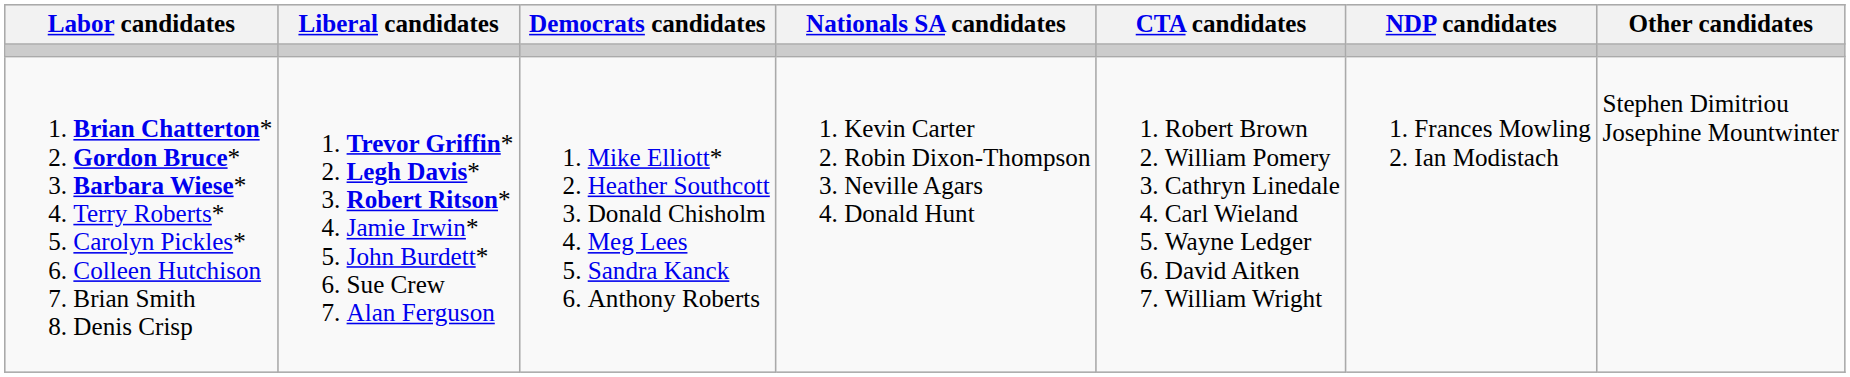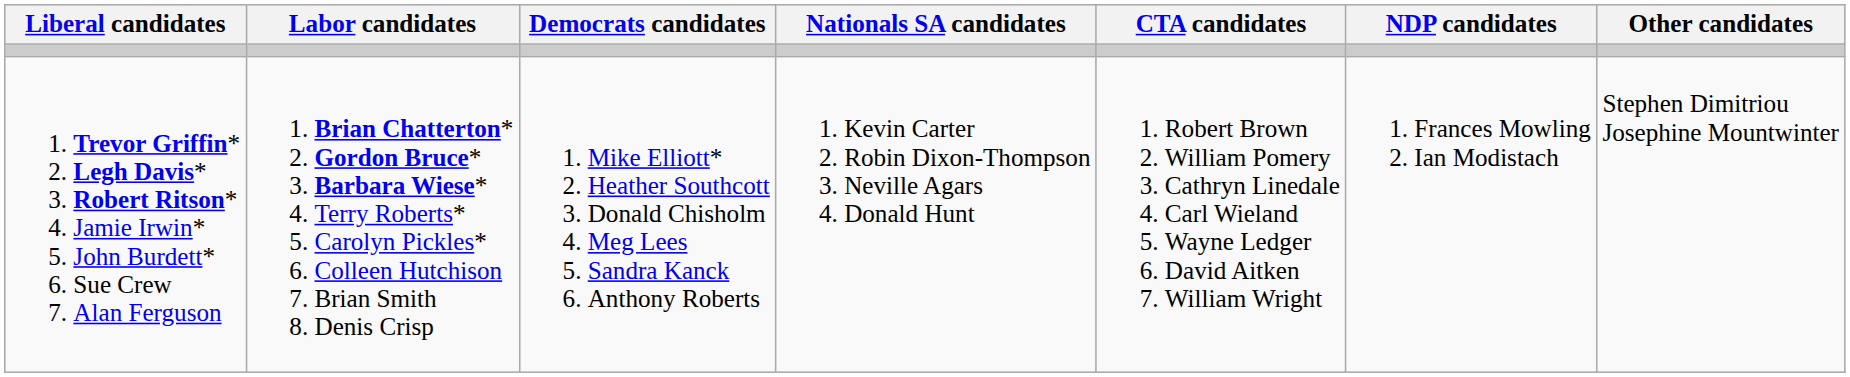 <table class="wikitable">
 <tr>
+<th><a href='#'>Liberal</a> candidates</th>
 <th><a href='#'>Labor</a> candidates</th>
-<th><a href='#'>Liberal</a> candidates</th>
 <th><a href='#'>Democrats</a> candidates</th>
 <th><a href='#'>Nationals SA</a> candidates</th>
 <th><a href='#'>CTA</a> candidates</th>
 <th><a href='#'>NDP</a> candidates</th>
 <th>Other candidates</th>
 </tr>
 <tr bgcolor="#cccccc">
 <td></td>
 <td></td>
 <td></td>
 <td></td>
 <td></td>
 <td></td>
 <td></td>
 </tr>
 <tr>
+<td><br><ol><li><strong><a href='#'>Trevor Griffin</a></strong>*</li><li><strong><a href='#'>Legh Davis</a></strong>*</li><li><strong><a href='#'>Robert Ritson</a></strong>*</li><li><a href='#'>Jamie Irwin</a>*</li><li><a href='#'>John Burdett</a>*</li><li>Sue Crew</li><li><a href='#'>Alan Ferguson</a></li></ol></td>
 <td><br><ol><li><strong><a href='#'>Brian Chatterton</a></strong>*</li><li><strong><a href='#'>Gordon Bruce</a></strong>*</li><li><strong><a href='#'>Barbara Wiese</a></strong>*</li><li><a href='#'>Terry Roberts</a>*</li><li><a href='#'>Carolyn Pickles</a>*</li><li><a href='#'>Colleen Hutchison</a></li><li>Brian Smith</li><li>Denis Crisp</li></ol></td>
-<td><br><ol><li><strong><a href='#'>Trevor Griffin</a></strong>*</li><li><strong><a href='#'>Legh Davis</a></strong>*</li><li><strong><a href='#'>Robert Ritson</a></strong>*</li><li><a href='#'>Jamie Irwin</a>*</li><li><a href='#'>John Burdett</a>*</li><li>Sue Crew</li><li><a href='#'>Alan Ferguson</a></li></ol></td>
 <td><br><ol><li><a href='#'>Mike Elliott</a>*</li><li><a href='#'>Heather Southcott</a></li><li>Donald Chisholm</li><li><a href='#'>Meg Lees</a></li><li><a href='#'>Sandra Kanck</a></li><li>Anthony Roberts</li></ol></td>
 <td valign=top><br><ol><li>Kevin Carter</li><li>Robin Dixon-Thompson</li><li>Neville Agars</li><li>Donald Hunt</li></ol></td>
 <td valign=top><br><ol><li>Robert Brown</li><li>William Pomery</li><li>Cathryn Linedale</li><li>Carl Wieland</li><li>Wayne Ledger</li><li>David Aitken</li><li>William Wright</li></ol></td>
 <td valign=top><br><ol><li>Frances Mowling</li><li>Ian Modistach</li></ol></td>
 <td valign=top><br>Stephen Dimitriou <br> Josephine Mountwinter</td>
 </tr>
 </table>
